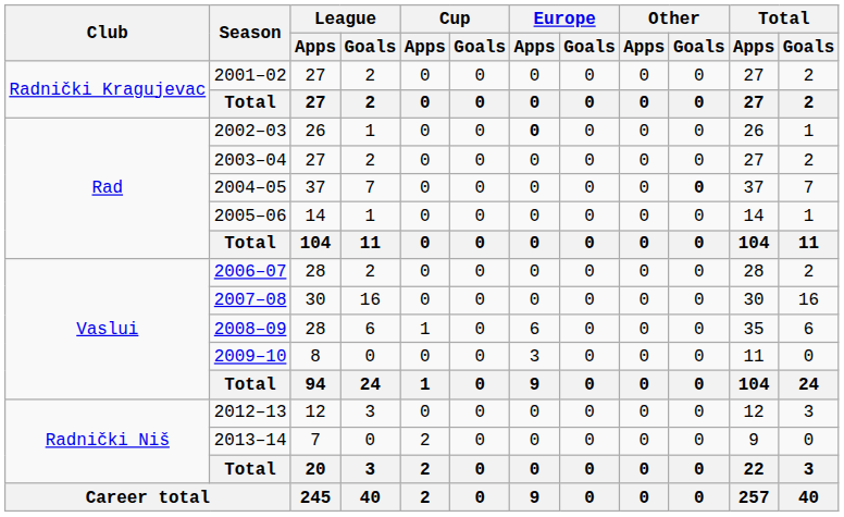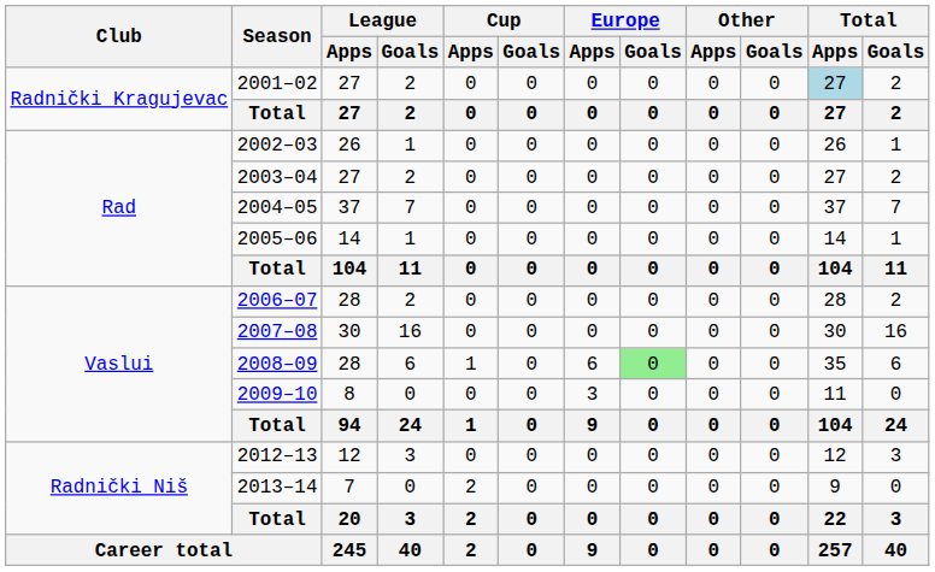 <table class="wikitable" style="text-align:center">
 <tr>
 <th rowspan="2">Club</th>
 <th rowspan="2">Season</th>
 <th colspan="2">League</th>
 <th colspan="2">Cup</th>
 <th colspan="2"><a href='#'>Europe</a></th>
 <th colspan="2">Other</th>
 <th colspan="2">Total</th>
 </tr>
 <tr>
 <th>Apps</th>
 <th>Goals</th>
 <th>Apps</th>
 <th>Goals</th>
 <th>Apps</th>
 <th>Goals</th>
 <th>Apps</th>
 <th>Goals</th>
 <th>Apps</th>
 <th>Goals</th>
 </tr>
 <tr>
 <td rowspan="2"><a href='#'>Radnički Kragujevac</a></td>
 <td>2001–02</td>
 <td>27</td>
 <td>2</td>
 <td>0</td>
 <td>0</td>
 <td>0</td>
 <td>0</td>
 <td>0</td>
 <td>0</td>
-<td>27</td>
+<td style="background: lightblue;">27</td>
 <td>2</td>
 </tr>
 <tr>
 <th>Total</th>
 <th>27</th>
 <th>2</th>
 <th>0</th>
 <th>0</th>
 <th>0</th>
 <th>0</th>
 <th>0</th>
 <th>0</th>
 <th>27</th>
 <th>2</th>
 </tr>
 <tr>
 <td rowspan="5"><a href='#'>Rad</a></td>
 <td>2002–03</td>
 <td>26</td>
 <td>1</td>
 <td>0</td>
 <td>0</td>
-<td><strong>0</strong></td>
+<td>0</td>
 <td>0</td>
 <td>0</td>
 <td>0</td>
 <td>26</td>
 <td>1</td>
 </tr>
 <tr>
 <td>2003–04</td>
 <td>27</td>
 <td>2</td>
 <td>0</td>
 <td>0</td>
 <td>0</td>
 <td>0</td>
 <td>0</td>
 <td>0</td>
 <td>27</td>
 <td>2</td>
 </tr>
 <tr>
 <td>2004–05</td>
 <td>37</td>
 <td>7</td>
 <td>0</td>
 <td>0</td>
 <td>0</td>
 <td>0</td>
 <td>0</td>
-<td><strong>0</strong></td>
+<td>0</td>
 <td>37</td>
 <td>7</td>
 </tr>
 <tr>
 <td>2005–06</td>
 <td>14</td>
 <td>1</td>
 <td>0</td>
 <td>0</td>
 <td>0</td>
 <td>0</td>
 <td>0</td>
 <td>0</td>
 <td>14</td>
 <td>1</td>
 </tr>
 <tr>
 <th>Total</th>
 <th>104</th>
 <th>11</th>
 <th>0</th>
 <th>0</th>
 <th>0</th>
 <th>0</th>
 <th>0</th>
 <th>0</th>
 <th>104</th>
 <th>11</th>
 </tr>
 <tr>
 <td rowspan="5"><a href='#'>Vaslui</a></td>
 <td><a href='#'>2006–07</a></td>
 <td>28</td>
 <td>2</td>
 <td>0</td>
 <td>0</td>
 <td>0</td>
 <td>0</td>
 <td>0</td>
 <td>0</td>
 <td>28</td>
 <td>2</td>
 </tr>
 <tr>
 <td><a href='#'>2007–08</a></td>
 <td>30</td>
 <td>16</td>
 <td>0</td>
 <td>0</td>
 <td>0</td>
 <td>0</td>
 <td>0</td>
 <td>0</td>
 <td>30</td>
 <td>16</td>
 </tr>
 <tr>
 <td><a href='#'>2008–09</a></td>
 <td>28</td>
 <td>6</td>
 <td>1</td>
 <td>0</td>
 <td>6</td>
-<td>0</td>
+<td style="background: lightgreen;">0</td>
 <td>0</td>
 <td>0</td>
 <td>35</td>
 <td>6</td>
 </tr>
 <tr>
 <td><a href='#'>2009–10</a></td>
 <td>8</td>
 <td>0</td>
 <td>0</td>
 <td>0</td>
 <td>3</td>
 <td>0</td>
 <td>0</td>
 <td>0</td>
 <td>11</td>
 <td>0</td>
 </tr>
 <tr>
 <th>Total</th>
 <th>94</th>
 <th>24</th>
 <th>1</th>
 <th>0</th>
 <th>9</th>
 <th>0</th>
 <th>0</th>
 <th>0</th>
 <th>104</th>
 <th>24</th>
 </tr>
 <tr>
 <td rowspan="3"><a href='#'>Radnički Niš</a></td>
 <td>2012–13</td>
 <td>12</td>
 <td>3</td>
 <td>0</td>
 <td>0</td>
 <td>0</td>
 <td>0</td>
 <td>0</td>
 <td>0</td>
 <td>12</td>
 <td>3</td>
 </tr>
 <tr>
 <td>2013–14</td>
 <td>7</td>
 <td>0</td>
 <td>2</td>
 <td>0</td>
 <td>0</td>
 <td>0</td>
 <td>0</td>
 <td>0</td>
 <td>9</td>
 <td>0</td>
 </tr>
 <tr>
 <th>Total</th>
 <th>20</th>
 <th>3</th>
 <th>2</th>
 <th>0</th>
 <th>0</th>
 <th>0</th>
 <th>0</th>
 <th>0</th>
 <th>22</th>
 <th>3</th>
 </tr>
 <tr>
 <th colspan="2">Career total</th>
 <th>245</th>
 <th>40</th>
 <th>2</th>
 <th>0</th>
 <th>9</th>
 <th>0</th>
 <th>0</th>
 <th>0</th>
 <th>257</th>
 <th>40</th>
 </tr>
 </table>
